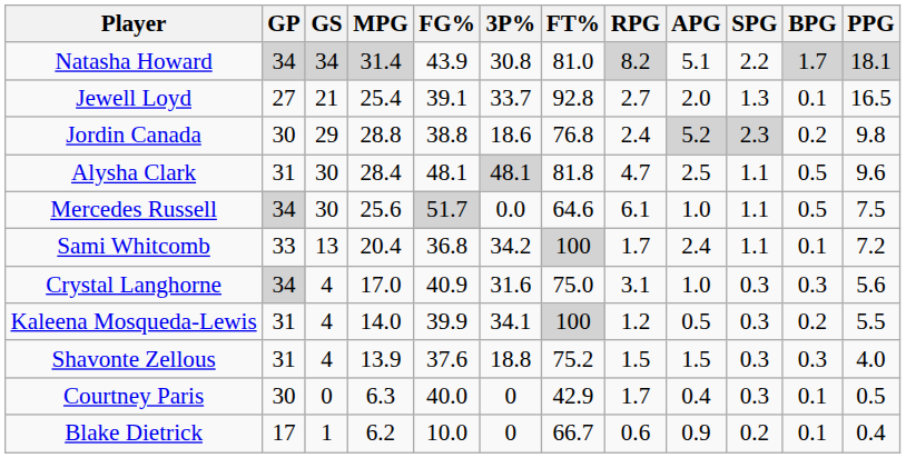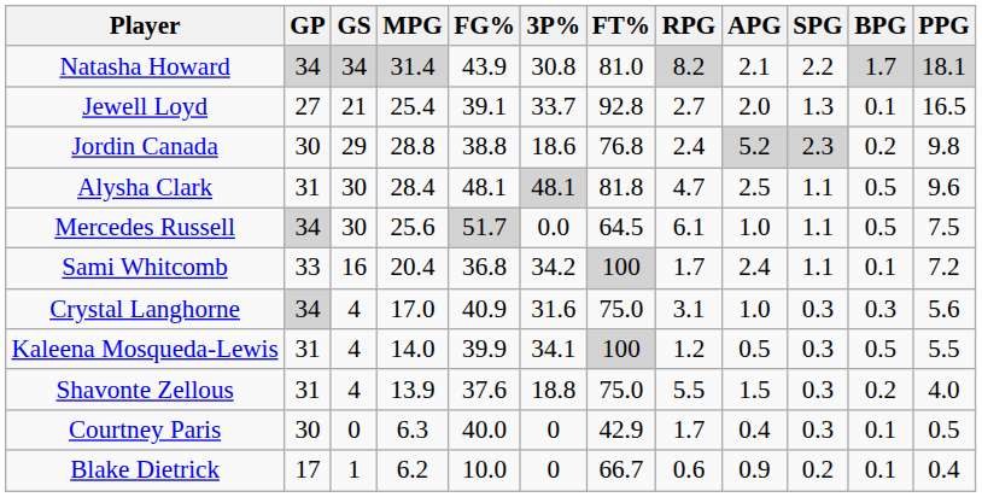 <table class="wikitable sortable" style="text-align:center;">
 <tr>
 <th>Player</th>
 <th>GP</th>
 <th>GS</th>
 <th>MPG</th>
 <th>FG%</th>
 <th>3P%</th>
 <th>FT%</th>
 <th>RPG</th>
 <th>APG</th>
 <th>SPG</th>
 <th>BPG</th>
 <th>PPG</th>
 </tr>
 <tr>
 <td><a href='#'>Natasha Howard</a></td>
 <td style="background:#D3D3D3;">34</td>
 <td style="background:#D3D3D3;">34</td>
 <td style="background:#D3D3D3;">31.4</td>
 <td>43.9</td>
 <td>30.8</td>
 <td>81.0</td>
 <td style="background:#D3D3D3;">8.2</td>
-<td>5.1</td>
+<td>2.1</td>
 <td>2.2</td>
 <td style="background:#D3D3D3;">1.7</td>
 <td style="background:#D3D3D3;">18.1</td>
 </tr>
 <tr>
 <td><a href='#'>Jewell Loyd</a></td>
 <td>27</td>
 <td>21</td>
 <td>25.4</td>
 <td>39.1</td>
 <td>33.7</td>
 <td>92.8</td>
 <td>2.7</td>
 <td>2.0</td>
 <td>1.3</td>
 <td>0.1</td>
 <td>16.5</td>
 </tr>
 <tr>
 <td><a href='#'>Jordin Canada</a></td>
 <td>30</td>
 <td>29</td>
 <td>28.8</td>
 <td>38.8</td>
 <td>18.6</td>
 <td>76.8</td>
 <td>2.4</td>
 <td style="background:#D3D3D3;">5.2</td>
 <td style="background:#D3D3D3;">2.3</td>
 <td>0.2</td>
 <td>9.8</td>
 </tr>
 <tr>
 <td><a href='#'>Alysha Clark</a></td>
 <td>31</td>
 <td>30</td>
 <td>28.4</td>
 <td>48.1</td>
 <td style="background:#D3D3D3;">48.1</td>
 <td>81.8</td>
 <td>4.7</td>
 <td>2.5</td>
 <td>1.1</td>
 <td>0.5</td>
 <td>9.6</td>
 </tr>
 <tr>
 <td><a href='#'>Mercedes Russell</a></td>
 <td style="background:#D3D3D3;">34</td>
 <td>30</td>
 <td>25.6</td>
 <td style="background:#D3D3D3;">51.7</td>
 <td>0.0</td>
-<td>64.6</td>
+<td>64.5</td>
 <td>6.1</td>
 <td>1.0</td>
 <td>1.1</td>
 <td>0.5</td>
 <td>7.5</td>
 </tr>
 <tr>
 <td><a href='#'>Sami Whitcomb</a></td>
 <td>33</td>
-<td>13</td>
+<td>16</td>
 <td>20.4</td>
 <td>36.8</td>
 <td>34.2</td>
 <td style="background:#D3D3D3;">100</td>
 <td>1.7</td>
 <td>2.4</td>
 <td>1.1</td>
 <td>0.1</td>
 <td>7.2</td>
 </tr>
 <tr>
 <td><a href='#'>Crystal Langhorne</a></td>
 <td style="background:#D3D3D3;">34</td>
 <td>4</td>
 <td>17.0</td>
 <td>40.9</td>
 <td>31.6</td>
 <td>75.0</td>
 <td>3.1</td>
 <td>1.0</td>
 <td>0.3</td>
 <td>0.3</td>
 <td>5.6</td>
 </tr>
 <tr>
 <td><a href='#'>Kaleena Mosqueda-Lewis</a></td>
 <td>31</td>
 <td>4</td>
 <td>14.0</td>
 <td>39.9</td>
 <td>34.1</td>
 <td style="background:#D3D3D3;">100</td>
 <td>1.2</td>
 <td>0.5</td>
 <td>0.3</td>
-<td>0.2</td>
+<td>0.5</td>
 <td>5.5</td>
 </tr>
 <tr>
 <td><a href='#'>Shavonte Zellous</a></td>
 <td>31</td>
 <td>4</td>
 <td>13.9</td>
 <td>37.6</td>
 <td>18.8</td>
-<td>75.2</td>
-<td>1.5</td>
+<td>75.0</td>
+<td>5.5</td>
 <td>1.5</td>
 <td>0.3</td>
-<td>0.3</td>
+<td>0.2</td>
 <td>4.0</td>
 </tr>
 <tr>
 <td><a href='#'>Courtney Paris</a></td>
 <td>30</td>
 <td>0</td>
 <td>6.3</td>
 <td>40.0</td>
 <td>0</td>
 <td>42.9</td>
 <td>1.7</td>
 <td>0.4</td>
 <td>0.3</td>
 <td>0.1</td>
 <td>0.5</td>
 </tr>
 <tr>
 <td><a href='#'>Blake Dietrick</a></td>
 <td>17</td>
 <td>1</td>
 <td>6.2</td>
 <td>10.0</td>
 <td>0</td>
 <td>66.7</td>
 <td>0.6</td>
 <td>0.9</td>
 <td>0.2</td>
 <td>0.1</td>
 <td>0.4</td>
 </tr>
 </table>
